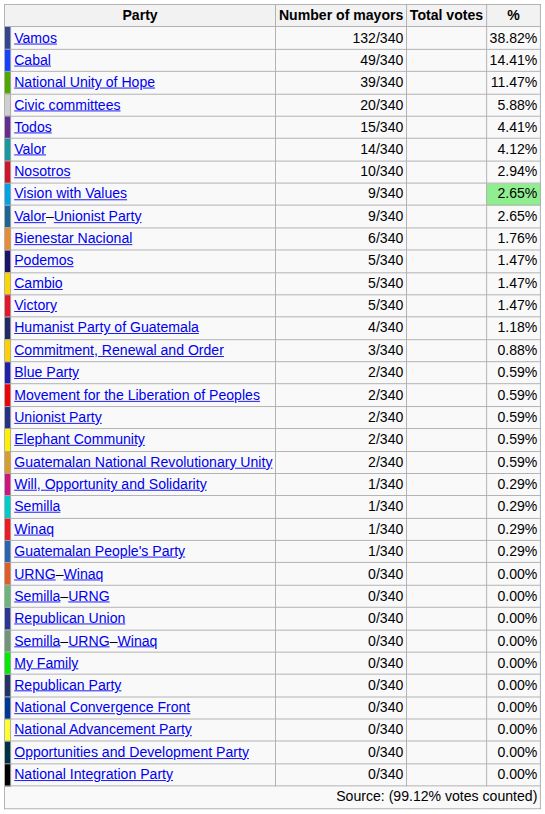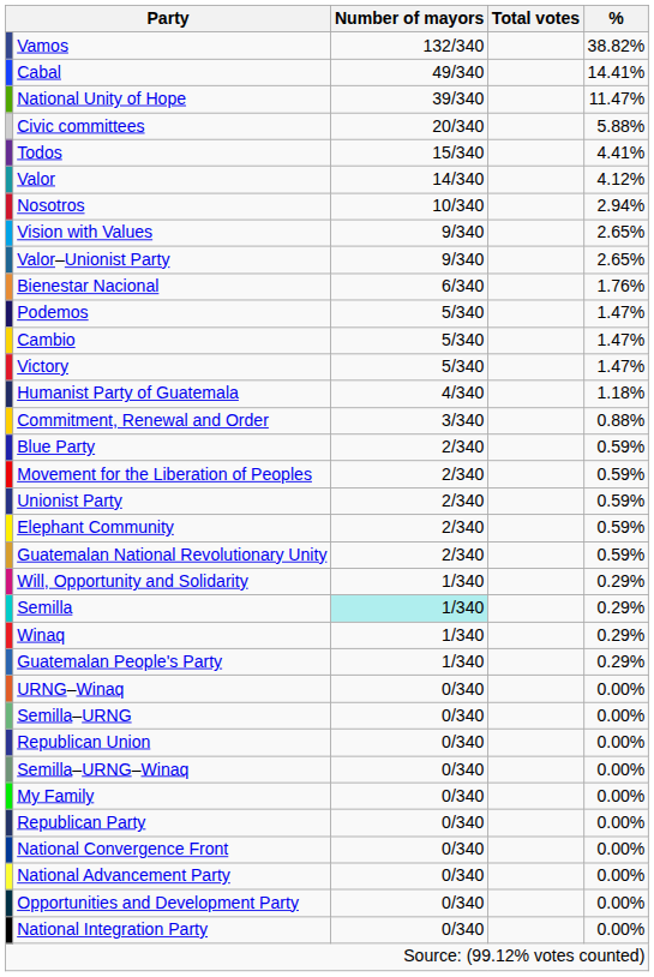 <table class="wikitable" style="text-align:right">
 <tr>
 <th colspan="2">Party</th>
 <th>Number of mayors</th>
 <th>Total votes</th>
 <th>%</th>
 </tr>
 <tr>
 <td style="background:#34478E"></td>
 <td align="left"><a href='#'>Vamos</a></td>
 <td>132/340</td>
 <td></td>
 <td>38.82%</td>
 </tr>
 <tr>
 <td style="background:#1642fd"></td>
 <td align="left"><a href='#'>Cabal</a></td>
 <td>49/340</td>
 <td></td>
 <td>14.41%</td>
 </tr>
 <tr>
 <td style="background:#50A700"></td>
 <td align="left"><a href='#'>National Unity of Hope</a></td>
 <td>39/340</td>
 <td></td>
 <td>11.47%</td>
 </tr>
 <tr>
 <td style="background:#CFCFCF"></td>
 <td align="left"><a href='#'>Civic committees</a></td>
 <td>20/340</td>
 <td></td>
 <td>5.88%</td>
 </tr>
 <tr>
 <td style="background:#652D92"></td>
 <td align="left"><a href='#'>Todos</a></td>
 <td>15/340</td>
 <td></td>
 <td>4.41%</td>
 </tr>
 <tr>
 <td style="background:#1898A1"></td>
 <td align="left"><a href='#'>Valor</a></td>
 <td>14/340</td>
 <td></td>
 <td>4.12%</td>
 </tr>
 <tr>
 <td style="background:#cf152c"></td>
 <td align="left"><a href='#'>Nosotros</a></td>
 <td>10/340</td>
 <td></td>
 <td>2.94%</td>
 </tr>
 <tr>
 <td style="background:#00A3E6"></td>
 <td align="left"><a href='#'>Vision with Values</a></td>
 <td>9/340</td>
 <td></td>
-<td style="background: lightgreen;">2.65%</td>
+<td>2.65%</td>
 </tr>
 <tr>
 <td style="background:#1f6592"></td>
 <td align="left"><a href='#'>Valor</a>–<a href='#'>Unionist Party</a></td>
 <td>9/340</td>
 <td></td>
 <td>2.65%</td>
 </tr>
 <tr>
 <td style="background:#E78C35"></td>
 <td align="left"><a href='#'>Bienestar Nacional</a></td>
 <td>6/340</td>
 <td></td>
 <td>1.76%</td>
 </tr>
 <tr>
 <td style="background:#1B1464"></td>
 <td align="left"><a href='#'>Podemos</a></td>
 <td>5/340</td>
 <td></td>
 <td>1.47%</td>
 </tr>
 <tr>
 <td style="background:#fbd504"></td>
 <td align="left"><a href='#'>Cambio</a></td>
 <td>5/340</td>
 <td></td>
 <td>1.47%</td>
 </tr>
 <tr>
 <td style="background:#E11829"></td>
 <td align="left"><a href='#'>Victory</a></td>
 <td>5/340</td>
 <td></td>
 <td>1.47%</td>
 </tr>
 <tr>
 <td style="background:#212C64"></td>
 <td align="left"><a href='#'>Humanist Party of Guatemala</a></td>
 <td>4/340</td>
 <td></td>
 <td>1.18%</td>
 </tr>
 <tr>
 <td style="background:#ffcf00"></td>
 <td align="left"><a href='#'>Commitment, Renewal and Order</a></td>
 <td>3/340</td>
 <td></td>
 <td>0.88%</td>
 </tr>
 <tr>
 <td style="background:#1f21aa"></td>
 <td align="left"><a href='#'>Blue Party</a></td>
 <td>2/340</td>
 <td></td>
 <td>0.59%</td>
 </tr>
 <tr>
 <td style="background:#EC0408"></td>
 <td align="left"><a href='#'>Movement for the Liberation of Peoples</a></td>
 <td>2/340</td>
 <td></td>
 <td>0.59%</td>
 </tr>
 <tr>
 <td style="background:#273284"></td>
 <td align="left"><a href='#'>Unionist Party</a></td>
 <td>2/340</td>
 <td></td>
 <td>0.59%</td>
 </tr>
 <tr>
 <td style="background:#ffef00"></td>
 <td align="left"><a href='#'>Elephant Community</a></td>
 <td>2/340</td>
 <td></td>
 <td>0.59%</td>
 </tr>
 <tr>
 <td style="background:#D79E2D"></td>
 <td align="left"><a href='#'>Guatemalan National Revolutionary Unity</a></td>
 <td>2/340</td>
 <td></td>
 <td>0.59%</td>
 </tr>
 <tr>
 <td style="background:#d0147e"></td>
 <td align="left"><a href='#'>Will, Opportunity and Solidarity</a></td>
 <td>1/340</td>
 <td></td>
 <td>0.29%</td>
 </tr>
 <tr>
 <td style="background:#00CCC9"></td>
 <td align="left"><a href='#'>Semilla</a></td>
-<td>1/340</td>
+<td style="background: paleturquoise;">1/340</td>
 <td></td>
 <td>0.29%</td>
 </tr>
 <tr>
 <td style="background:#EB1C22"></td>
 <td align="left"><a href='#'>Winaq</a></td>
 <td>1/340</td>
 <td></td>
 <td>0.29%</td>
 </tr>
 <tr>
 <td style="background:#2b65af"></td>
 <td align="left"><a href='#'>Guatemalan People's Party</a></td>
 <td>1/340</td>
 <td></td>
 <td>0.29%</td>
 </tr>
 <tr>
 <td style="background:#e15d27"></td>
 <td align="left"><a href='#'>URNG</a>–<a href='#'>Winaq</a></td>
 <td>0/340</td>
 <td></td>
 <td>0.00%</td>
 </tr>
 <tr>
 <td style="background:#6bb57b"></td>
 <td align="left"><a href='#'>Semilla</a>–<a href='#'>URNG</a></td>
 <td>0/340</td>
 <td></td>
 <td>0.00%</td>
 </tr>
 <tr>
 <td style="background:#2c3592"></td>
 <td align="left"><a href='#'>Republican Union</a></td>
 <td>0/340</td>
 <td></td>
 <td>0.00%</td>
 </tr>
 <tr>
 <td style="background:#709478"></td>
 <td align="left"><a href='#'>Semilla</a>–<a href='#'>URNG</a>–<a href='#'>Winaq</a></td>
 <td>0/340</td>
 <td></td>
 <td>0.00%</td>
 </tr>
 <tr>
 <td style="background:#00ec03"></td>
 <td align="left"><a href='#'>My Family</a></td>
 <td>0/340</td>
 <td></td>
 <td>0.00%</td>
 </tr>
 <tr>
 <td style="background:#243467"></td>
 <td align="left"><a href='#'>Republican Party</a></td>
 <td>0/340</td>
 <td></td>
 <td>0.00%</td>
 </tr>
 <tr>
 <td style="background:#003895"></td>
 <td align="left"><a href='#'>National Convergence Front</a></td>
 <td>0/340</td>
 <td></td>
 <td>0.00%</td>
 </tr>
 <tr>
 <td style="background:#FCFD33"></td>
 <td align="left"><a href='#'>National Advancement Party</a></td>
 <td>0/340</td>
 <td></td>
 <td>0.00%</td>
 </tr>
 <tr>
 <td style="background:#003044"></td>
 <td align="left"><a href='#'>Opportunities and Development Party</a></td>
 <td>0/340</td>
 <td></td>
 <td>0.00%</td>
 </tr>
 <tr>
 <td style="background:black"></td>
 <td align="left"><a href='#'>National Integration Party</a></td>
 <td>0/340</td>
 <td></td>
 <td>0.00%</td>
 </tr>
 <tr>
 <td colspan="5">Source:  (99.12% votes counted)</td>
 </tr>
 </table>
